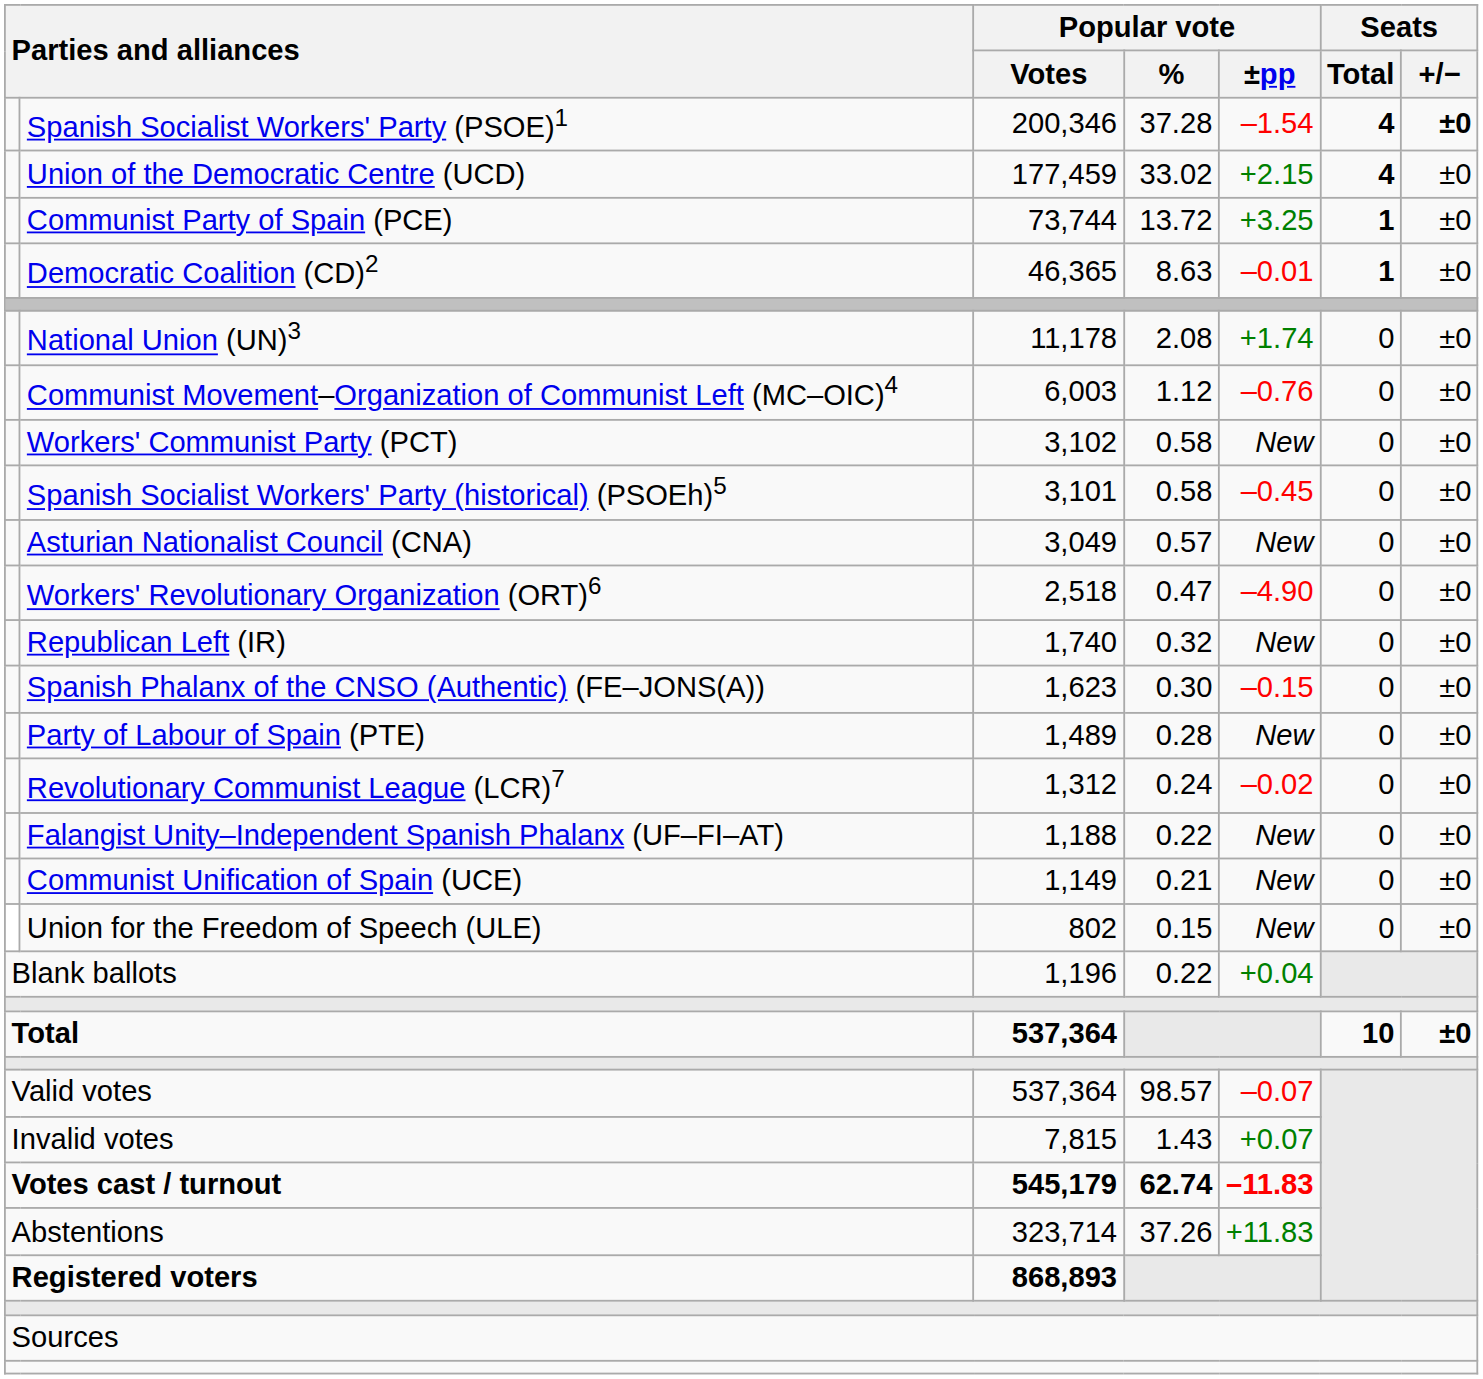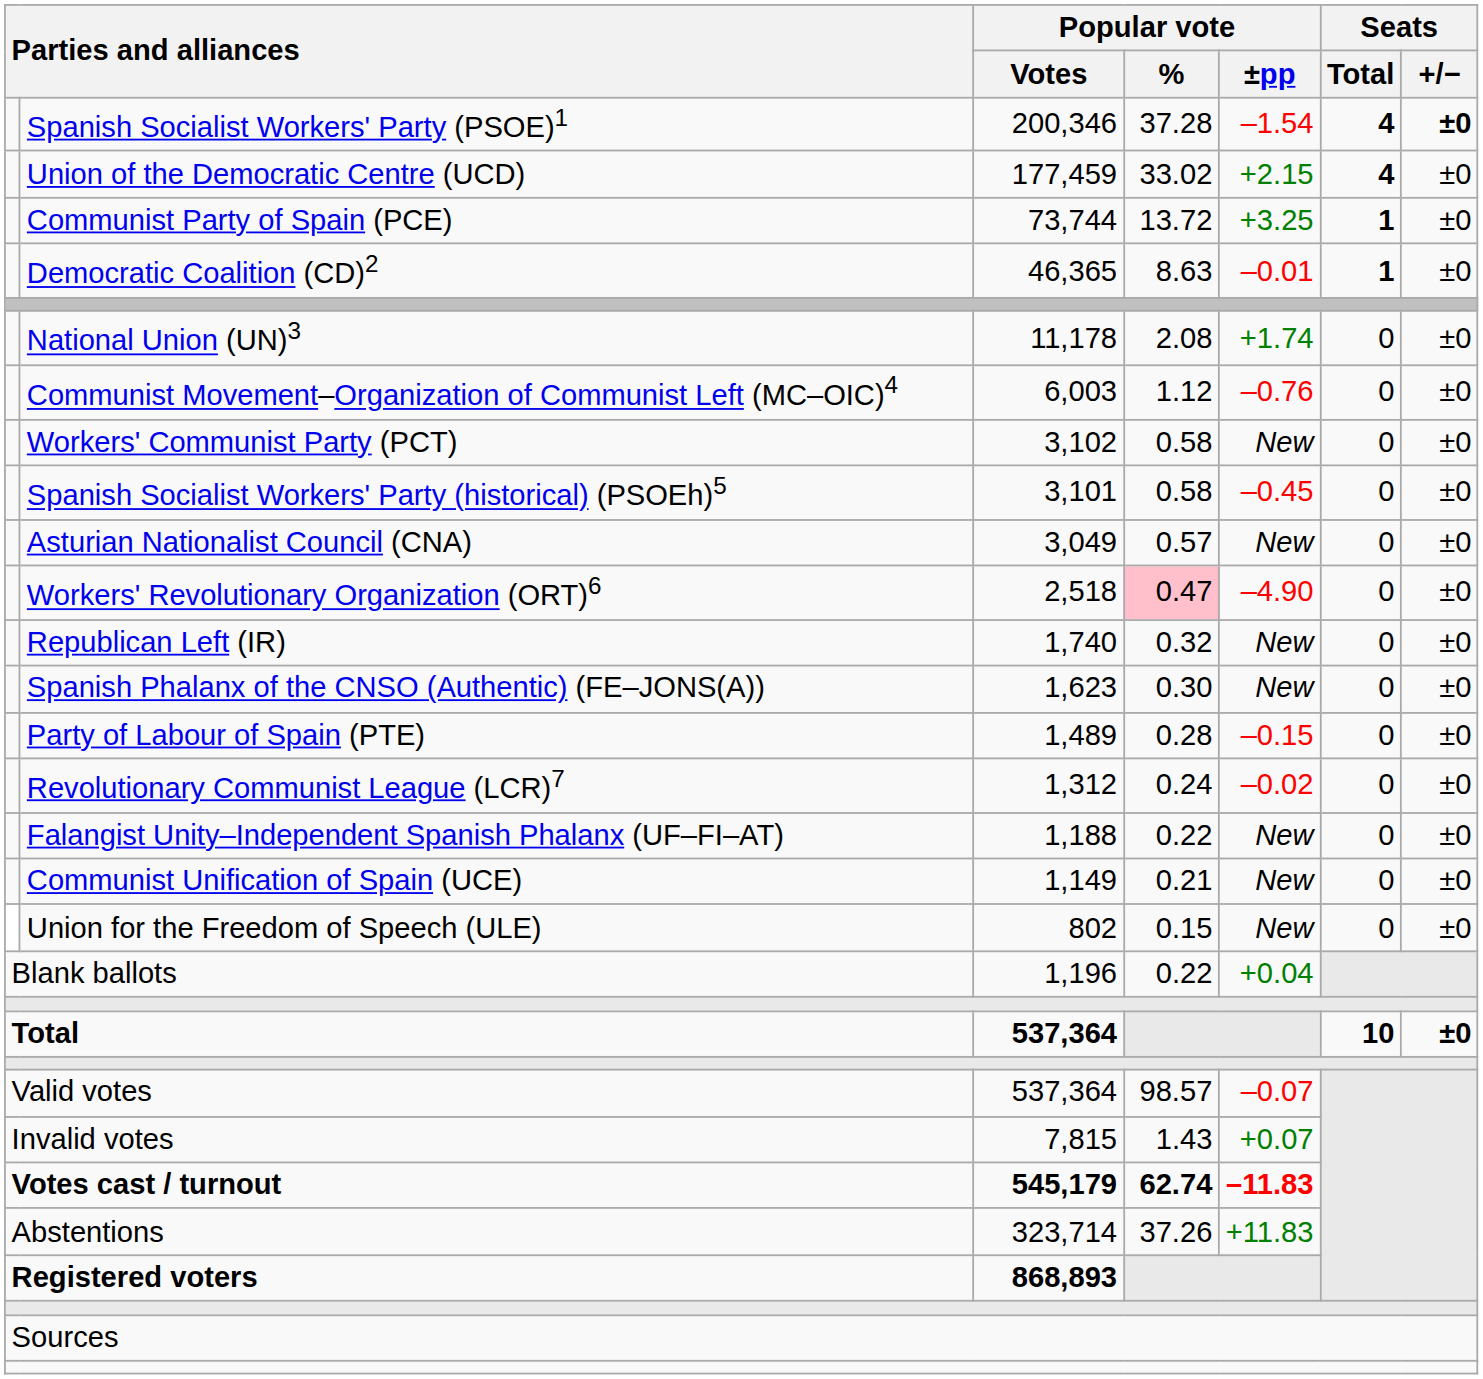 <table class="wikitable" style="text-align:right;">
 <tr>
 <th style="text-align:left;" rowspan="2" colspan="2" width="525">Parties and alliances</th>
 <th colspan="3">Popular vote</th>
 <th colspan="2">Seats</th>
 </tr>
 <tr>
 <th width="75">Votes</th>
 <th width="45">%</th>
 <th width="45">±<a href='#'>pp</a></th>
 <th width="35">Total</th>
 <th width="35">+/−</th>
 </tr>
 <tr>
 <td width="1" style="color:inherit;background:"></td>
 <td align="left"><a href='#'>Spanish Socialist Workers' Party</a> (PSOE)<sup>1</sup></td>
 <td>200,346</td>
 <td>37.28</td>
 <td style="color:red;">–1.54</td>
 <td><strong>4</strong></td>
 <td><strong>±0</strong></td>
 </tr>
 <tr>
 <td style="color:inherit;background:"></td>
 <td align="left"><a href='#'>Union of the Democratic Centre</a> (UCD)</td>
 <td>177,459</td>
 <td>33.02</td>
 <td style="color:green;">+2.15</td>
 <td><strong>4</strong></td>
 <td>±0</td>
 </tr>
 <tr>
 <td style="color:inherit;background:"></td>
 <td align="left"><a href='#'>Communist Party of Spain</a> (PCE)</td>
 <td>73,744</td>
 <td>13.72</td>
 <td style="color:green;">+3.25</td>
 <td><strong>1</strong></td>
 <td>±0</td>
 </tr>
 <tr>
 <td style="color:inherit;background:"></td>
 <td align="left"><a href='#'>Democratic Coalition</a> (CD)<sup>2</sup></td>
 <td>46,365</td>
 <td>8.63</td>
 <td style="color:red;">–0.01</td>
 <td><strong>1</strong></td>
 <td>±0</td>
 </tr>
 <tr>
 <td colspan="7" bgcolor="#C0C0C0"></td>
 </tr>
 <tr>
 <td style="color:inherit;background:"></td>
 <td align="left"><a href='#'>National Union</a> (UN)<sup>3</sup></td>
 <td>11,178</td>
 <td>2.08</td>
 <td style="color:green;">+1.74</td>
 <td>0</td>
 <td>±0</td>
 </tr>
 <tr>
 <td style="color:inherit;background:"></td>
 <td align="left"><a href='#'>Communist Movement</a>–<a href='#'>Organization of Communist Left</a> (MC–OIC)<sup>4</sup></td>
 <td>6,003</td>
 <td>1.12</td>
 <td style="color:red;">–0.76</td>
 <td>0</td>
 <td>±0</td>
 </tr>
 <tr>
 <td style="color:inherit;background:"></td>
 <td align="left"><a href='#'>Workers' Communist Party</a> (PCT)</td>
 <td>3,102</td>
 <td>0.58</td>
 <td><em>New</em></td>
 <td>0</td>
 <td>±0</td>
 </tr>
 <tr>
 <td style="color:inherit;background:"></td>
 <td align="left"><a href='#'>Spanish Socialist Workers' Party (historical)</a> (PSOEh)<sup>5</sup></td>
 <td>3,101</td>
 <td>0.58</td>
 <td style="color:red;">–0.45</td>
 <td>0</td>
 <td>±0</td>
 </tr>
 <tr>
 <td style="color:inherit;background:"></td>
 <td align="left"><a href='#'>Asturian Nationalist Council</a> (CNA)</td>
 <td>3,049</td>
 <td>0.57</td>
 <td><em>New</em></td>
 <td>0</td>
 <td>±0</td>
 </tr>
 <tr>
 <td style="color:inherit;background:"></td>
 <td align="left"><a href='#'>Workers' Revolutionary Organization</a> (ORT)<sup>6</sup></td>
 <td>2,518</td>
-<td>0.47</td>
+<td style="background: pink;">0.47</td>
 <td style="color:red;">–4.90</td>
 <td>0</td>
 <td>±0</td>
 </tr>
 <tr>
 <td style="color:inherit;background:"></td>
 <td align="left"><a href='#'>Republican Left</a> (IR)</td>
 <td>1,740</td>
 <td>0.32</td>
 <td><em>New</em></td>
 <td>0</td>
 <td>±0</td>
 </tr>
 <tr>
 <td style="color:inherit;background:"></td>
 <td align="left"><a href='#'>Spanish Phalanx of the CNSO (Authentic)</a> (FE–JONS(A))</td>
 <td>1,623</td>
 <td>0.30</td>
-<td style="color:red;">–0.15</td>
+<td><em>New</em></td>
 <td>0</td>
 <td>±0</td>
 </tr>
 <tr>
 <td style="color:inherit;background:"></td>
 <td align="left"><a href='#'>Party of Labour of Spain</a> (PTE)</td>
 <td>1,489</td>
 <td>0.28</td>
-<td><em>New</em></td>
+<td style="color:red;">–0.15</td>
 <td>0</td>
 <td>±0</td>
 </tr>
 <tr>
 <td style="color:inherit;background:"></td>
 <td align="left"><a href='#'>Revolutionary Communist League</a> (LCR)<sup>7</sup></td>
 <td>1,312</td>
 <td>0.24</td>
 <td style="color:red;">–0.02</td>
 <td>0</td>
 <td>±0</td>
 </tr>
 <tr>
 <td style="color:inherit;background:"></td>
 <td align="left"><a href='#'>Falangist Unity–Independent Spanish Phalanx</a> (UF–FI–AT)</td>
 <td>1,188</td>
 <td>0.22</td>
 <td><em>New</em></td>
 <td>0</td>
 <td>±0</td>
 </tr>
 <tr>
 <td style="color:inherit;background:"></td>
 <td align="left"><a href='#'>Communist Unification of Spain</a> (UCE)</td>
 <td>1,149</td>
 <td>0.21</td>
 <td><em>New</em></td>
 <td>0</td>
 <td>±0</td>
 </tr>
 <tr>
 <td bgcolor="white"></td>
 <td align="left">Union for the Freedom of Speech (ULE)</td>
 <td>802</td>
 <td>0.15</td>
 <td><em>New</em></td>
 <td>0</td>
 <td>±0</td>
 </tr>
 <tr>
 <td align="left" colspan="2">Blank ballots</td>
 <td>1,196</td>
 <td>0.22</td>
 <td style="color:green;">+0.04</td>
 <td bgcolor="#E9E9E9" colspan="2"></td>
 </tr>
 <tr>
 <td colspan="7" bgcolor="#E9E9E9"></td>
 </tr>
 <tr style="font-weight:bold;">
 <td align="left" colspan="2">Total</td>
 <td>537,364</td>
 <td bgcolor="#E9E9E9" colspan="2"></td>
 <td>10</td>
 <td>±0</td>
 </tr>
 <tr>
 <td colspan="7" bgcolor="#E9E9E9"></td>
 </tr>
 <tr>
 <td align="left" colspan="2">Valid votes</td>
 <td>537,364</td>
 <td>98.57</td>
 <td style="color:red;">–0.07</td>
 <td bgcolor="#E9E9E9" colspan="2" rowspan="5"></td>
 </tr>
 <tr>
 <td align="left" colspan="2">Invalid votes</td>
 <td>7,815</td>
 <td>1.43</td>
 <td style="color:green;">+0.07</td>
 </tr>
 <tr style="font-weight:bold;">
 <td align="left" colspan="2">Votes cast / turnout</td>
 <td>545,179</td>
 <td>62.74</td>
 <td style="color:red;">–11.83</td>
 </tr>
 <tr>
 <td align="left" colspan="2">Abstentions</td>
 <td>323,714</td>
 <td>37.26</td>
 <td style="color:green;">+11.83</td>
 </tr>
 <tr style="font-weight:bold;">
 <td align="left" colspan="2">Registered voters</td>
 <td>868,893</td>
 <td bgcolor="#E9E9E9" colspan="2"></td>
 </tr>
 <tr>
 <td colspan="7" bgcolor="#E9E9E9"></td>
 </tr>
 <tr>
 <td align="left" colspan="7">Sources</td>
 </tr>
 <tr>
 <td colspan="7" style="text-align:left; max-width:790px;"></td>
 </tr>
 </table>
